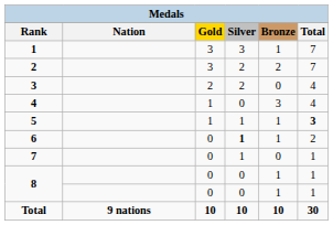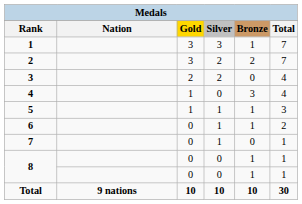 <table class=wikitable style=text-align:center>
 <tr>
 <td colspan=6 style="background:#BCD4E6"><strong>Medals</strong></td>
 </tr>
 <tr>
 </tr>
 <tr style="background-color:#EDEDED;">
 <th width=75px class="hintergrundfarbe5">Rank</th>
 <th width=180px class="hintergrundfarbe6">Nation</th>
 <th width=35px style="background:gold">Gold</th>
 <th width=35px style="background:silver">Silver</th>
 <th width=35px style="background:#CC9966">Bronze</th>
 <th width=35px>Total</th>
 </tr>
 <tr>
 <td><strong>1</strong></td>
 <td align=left></td>
 <td>3</td>
 <td>3</td>
 <td>1</td>
 <td>7</td>
 </tr>
 <tr>
 <td><strong>2</strong></td>
 <td align=left></td>
 <td>3</td>
 <td>2</td>
 <td>2</td>
 <td>7</td>
 </tr>
 <tr>
 <td><strong>3</strong></td>
 <td align=left></td>
 <td>2</td>
 <td>2</td>
 <td>0</td>
 <td>4</td>
 </tr>
 <tr>
 <td><strong>4</strong></td>
 <td align=left></td>
 <td>1</td>
 <td>0</td>
 <td>3</td>
 <td>4</td>
 </tr>
 <tr>
 <td><strong>5</strong></td>
 <td align=left></td>
 <td>1</td>
 <td>1</td>
 <td>1</td>
-<td><strong>3</strong></td>
+<td>3</td>
 </tr>
 <tr>
 <td><strong>6</strong></td>
 <td align=left></td>
 <td>0</td>
-<td><strong>1</strong></td>
+<td>1</td>
 <td>1</td>
 <td>2</td>
 </tr>
 <tr>
 <td><strong>7</strong></td>
 <td align=left></td>
 <td>0</td>
 <td>1</td>
 <td>0</td>
 <td>1</td>
 </tr>
 <tr>
 <td rowspan="2"><strong>8</strong></td>
 <td align=left></td>
 <td>0</td>
 <td>0</td>
 <td>1</td>
 <td>1</td>
 </tr>
 <tr>
 <td align="left"></td>
 <td>0</td>
 <td>0</td>
 <td>1</td>
 <td>1</td>
 </tr>
 <tr>
 <td><strong>Total</strong></td>
 <td><strong>9 nations</strong></td>
 <td><strong>10</strong></td>
 <td><strong>10</strong></td>
 <td><strong>10</strong></td>
 <td><strong>30</strong></td>
 </tr>
 </table>
